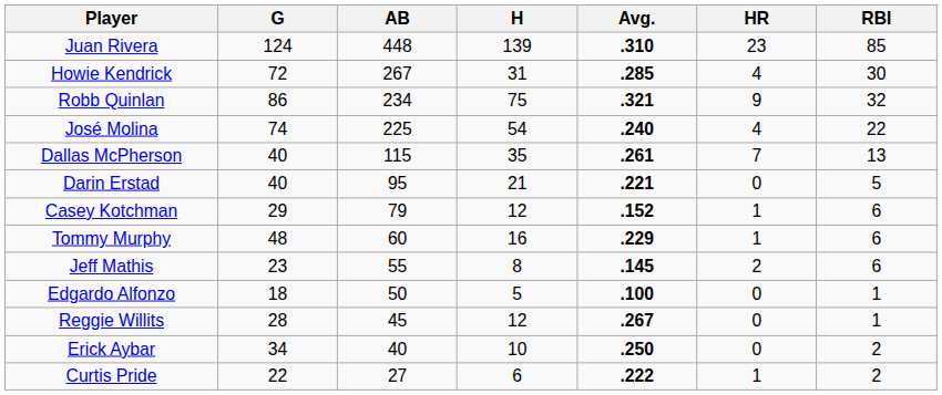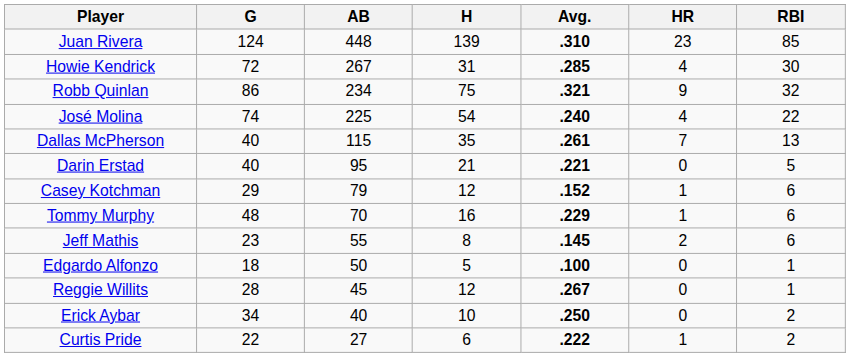 <table class="wikitable sortable">
 <tr>
 <th bgcolor="#dddddd" width="16%">Player</th>
 <th bgcolor="#dddddd" width="9%">G</th>
 <th bgcolor="#dddddd" width="9%">AB</th>
 <th bgcolor="#dddddd" width="9%">H</th>
 <th bgcolor="#dddddd" width="9%">Avg.</th>
 <th bgcolor="#dddddd" width="9%">HR</th>
 <th bgcolor="#dddddd" width="9%">RBI</th>
 </tr>
 <tr align=center>
 <td><a href='#'>Juan Rivera</a></td>
 <td>124</td>
 <td>448</td>
 <td>139</td>
 <td><strong>.310</strong></td>
 <td>23</td>
 <td>85</td>
 </tr>
 <tr align=center>
 <td><a href='#'>Howie Kendrick</a></td>
 <td>72</td>
 <td>267</td>
 <td>31</td>
 <td><strong>.285</strong></td>
 <td>4</td>
 <td>30</td>
 </tr>
 <tr align=center>
 <td><a href='#'>Robb Quinlan</a></td>
 <td>86</td>
 <td>234</td>
 <td>75</td>
 <td><strong>.321</strong></td>
 <td>9</td>
 <td>32</td>
 </tr>
 <tr align=center>
 <td><a href='#'>José Molina</a></td>
 <td>74</td>
 <td>225</td>
 <td>54</td>
 <td><strong>.240</strong></td>
 <td>4</td>
 <td>22</td>
 </tr>
 <tr align=center>
 <td><a href='#'>Dallas McPherson</a></td>
 <td>40</td>
 <td>115</td>
 <td>35</td>
 <td><strong>.261</strong></td>
 <td>7</td>
 <td>13</td>
 </tr>
 <tr align=center>
 <td><a href='#'>Darin Erstad</a></td>
 <td>40</td>
 <td>95</td>
 <td>21</td>
 <td><strong>.221</strong></td>
 <td>0</td>
 <td>5</td>
 </tr>
 <tr align=center>
 <td><a href='#'>Casey Kotchman</a></td>
 <td>29</td>
 <td>79</td>
 <td>12</td>
 <td><strong>.152</strong></td>
 <td>1</td>
 <td>6</td>
 </tr>
 <tr align=center>
 <td><a href='#'>Tommy Murphy</a></td>
 <td>48</td>
-<td>60</td>
+<td>70</td>
 <td>16</td>
 <td><strong>.229</strong></td>
 <td>1</td>
 <td>6</td>
 </tr>
 <tr align=center>
 <td><a href='#'>Jeff Mathis</a></td>
 <td>23</td>
 <td>55</td>
 <td>8</td>
 <td><strong>.145</strong></td>
 <td>2</td>
 <td>6</td>
 </tr>
 <tr align=center>
 <td><a href='#'>Edgardo Alfonzo</a></td>
 <td>18</td>
 <td>50</td>
 <td>5</td>
 <td><strong>.100</strong></td>
 <td>0</td>
 <td>1</td>
 </tr>
 <tr align=center>
 <td><a href='#'>Reggie Willits</a></td>
 <td>28</td>
 <td>45</td>
 <td>12</td>
 <td><strong>.267</strong></td>
 <td>0</td>
 <td>1</td>
 </tr>
 <tr align=center>
 <td><a href='#'>Erick Aybar</a></td>
 <td>34</td>
 <td>40</td>
 <td>10</td>
 <td><strong>.250</strong></td>
 <td>0</td>
 <td>2</td>
 </tr>
 <tr align=center>
 <td><a href='#'>Curtis Pride</a></td>
 <td>22</td>
 <td>27</td>
 <td>6</td>
 <td><strong>.222</strong></td>
 <td>1</td>
 <td>2</td>
 </tr>
 </table>
